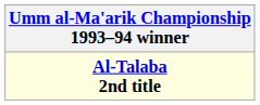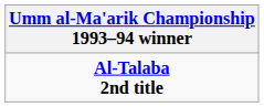 <table class="wikitable" style="text-align: center; margin: 0 auto;">
 <tr>
 <th><a href='#'>Umm al-Ma'arik Championship</a><br>1993–94 winner</th>
 </tr>
 <tr>
-<td style="background: lightyellow;"><strong><a href='#'>Al-Talaba</a></strong><br><strong>2nd title</strong></td>
+<td><strong><a href='#'>Al-Talaba</a></strong><br><strong>2nd title</strong></td>
 </tr>
 </table>
